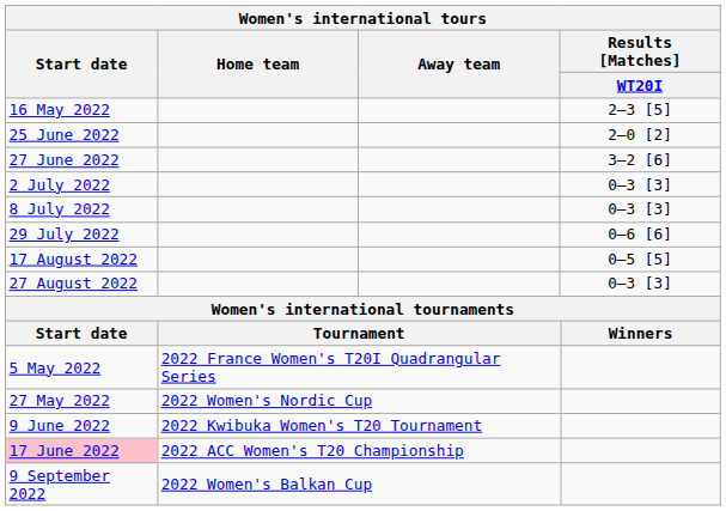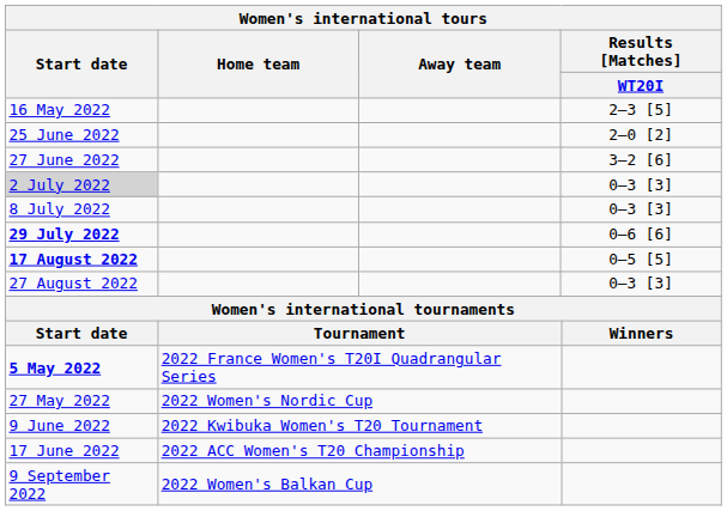 <table class="wikitable" style="text-align:center;">
 <tr>
 <th colspan=7>Women's international tours</th>
 </tr>
 <tr>
 <th rowspan=2>Start date</th>
 <th rowspan=2>Home team</th>
 <th rowspan=2>Away team</th>
 <th colspan=3>Results [Matches]</th>
 </tr>
 <tr>
 <th colspan=3><a href='#'>WT20I</a></th>
 </tr>
 <tr>
 <td style="text-align:left"><a href='#'>16 May 2022</a></td>
 <td style="text-align:left"></td>
 <td style="text-align:left"></td>
 <td colspan=3>2–3 [5]</td>
 </tr>
 <tr>
 <td style="text-align:left"><a href='#'>25 June 2022</a></td>
 <td style="text-align:left"></td>
 <td style="text-align:left"></td>
 <td colspan=3>2–0 [2]</td>
 </tr>
 <tr>
 <td style="text-align:left"><a href='#'>27 June 2022</a></td>
 <td style="text-align:left"></td>
 <td style="text-align:left"></td>
 <td colspan=3>3–2 [6]</td>
 </tr>
 <tr>
-<td style="text-align:left"><a href='#'>2 July 2022</a></td>
+<td style="background: lightgrey; text-align:left"><a href='#'>2 July 2022</a></td>
 <td style="text-align:left"></td>
 <td style="text-align:left"></td>
 <td colspan=3>0–3 [3]</td>
 </tr>
 <tr>
 <td style="text-align:left"><a href='#'>8 July 2022</a></td>
 <td style="text-align:left"></td>
 <td style="text-align:left"></td>
 <td colspan=3>0–3 [3]</td>
 </tr>
 <tr>
-<td style="text-align:left"><a href='#'>29 July 2022</a></td>
+<td style="text-align:left"><strong><a href='#'>29 July 2022</a></strong></td>
 <td style="text-align:left"></td>
 <td style="text-align:left"></td>
 <td colspan=3>0–6 [6]</td>
 </tr>
 <tr>
-<td style="text-align:left"><a href='#'>17 August 2022</a></td>
+<td style="text-align:left"><strong><a href='#'>17 August 2022</a></strong></td>
 <td style="text-align:left"></td>
 <td style="text-align:left"></td>
 <td colspan=3>0–5 [5]</td>
 </tr>
 <tr>
 <td style="text-align:left"><a href='#'>27 August 2022</a></td>
 <td style="text-align:left"></td>
 <td style="text-align:left"></td>
 <td colspan=3>0–3 [3]</td>
 </tr>
 <tr>
 <th colspan=7>Women's international tournaments</th>
 </tr>
 <tr>
 <th>Start date</th>
 <th colspan=3>Tournament</th>
 <th colspan=3>Winners</th>
 </tr>
 <tr>
-<td style="text-align:left"><a href='#'>5 May 2022</a></td>
+<td style="text-align:left"><strong><a href='#'>5 May 2022</a></strong></td>
 <td style="text-align:left" colspan=3> <a href='#'>2022 France Women's T20I Quadrangular Series</a></td>
 <td style="text-align:left" colspan=2></td>
 </tr>
 <tr>
 <td style="text-align:left"><a href='#'>27 May 2022</a></td>
 <td style="text-align:left" colspan=3> <a href='#'>2022 Women's Nordic Cup</a></td>
 <td style="text-align:left" colspan=2></td>
 </tr>
 <tr>
 <td style="text-align:left"><a href='#'>9 June 2022</a></td>
 <td style="text-align:left" colspan=3> <a href='#'>2022 Kwibuka Women's T20 Tournament</a></td>
 <td style="text-align:left" colspan=2></td>
 </tr>
 <tr>
-<td style="background: pink; text-align:left"><a href='#'>17 June 2022</a></td>
+<td style="text-align:left"><a href='#'>17 June 2022</a></td>
 <td style="text-align:left" colspan=3> <a href='#'>2022 ACC Women's T20 Championship</a></td>
 <td style="text-align:left" colspan=2></td>
 </tr>
 <tr>
 <td style="text-align:left"><a href='#'>9 September 2022</a></td>
 <td style="text-align:left" colspan=3> <a href='#'>2022 Women's Balkan Cup</a></td>
 <td style="text-align:left" colspan=3></td>
 </tr>
 </table>
